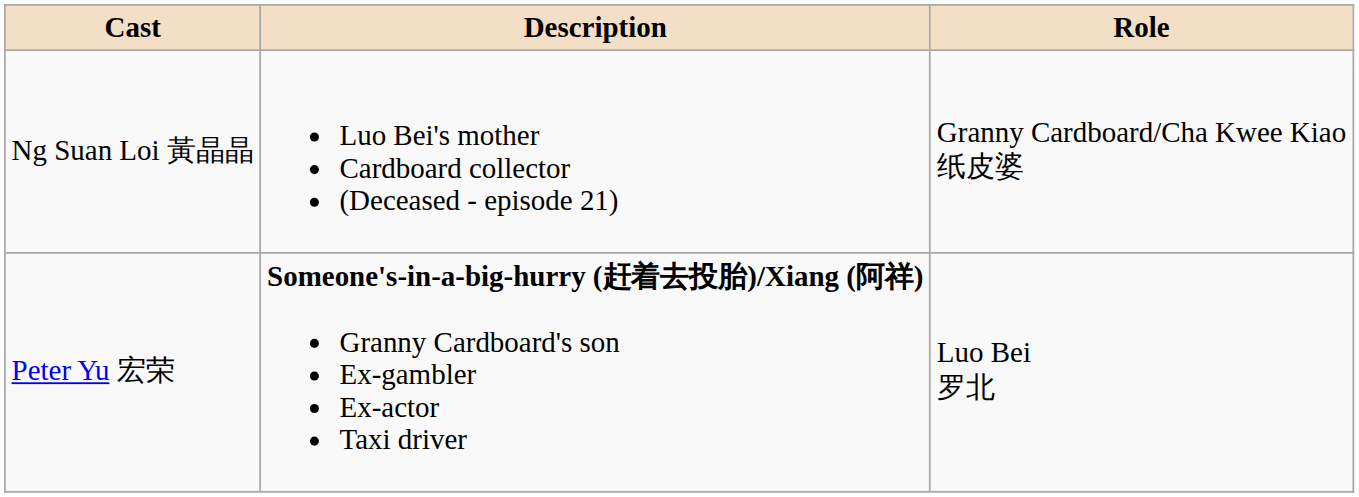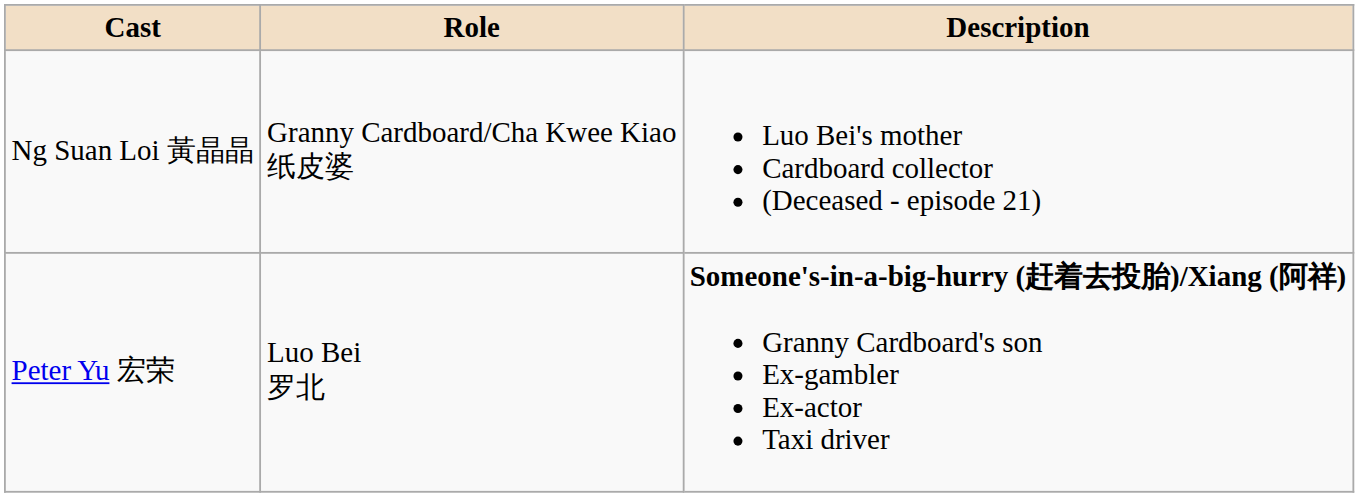 <table class="wikitable">
 <tr>
 <th style="background:#f2dfc6;">Cast</th>
+<th style="background:#f2dfc6;">Role</th>
 <th style="background:#f2dfc6;">Description</th>
-<th style="background:#f2dfc6;">Role</th>
 </tr>
 <tr>
 <td>Ng Suan Loi 黃晶晶</td>
+<td>Granny Cardboard/Cha Kwee Kiao <br> 纸皮婆</td>
 <td><br><ul><li>Luo Bei's mother</li><li>Cardboard collector</li><li>(Deceased - episode 21)</li></ul></td>
-<td>Granny Cardboard/Cha Kwee Kiao <br> 纸皮婆</td>
 </tr>
 <tr>
 <td><a href='#'>Peter Yu</a> 宏荣</td>
+<td>Luo Bei<br>罗北</td>
 <td><strong>Someone's-in-a-big-hurry (赶着去投胎)/Xiang (阿祥)</strong><br><ul><li>Granny Cardboard's son</li><li>Ex-gambler</li><li>Ex-actor</li><li>Taxi driver</li></ul></td>
-<td>Luo Bei<br>罗北</td>
 </tr>
 </table>
